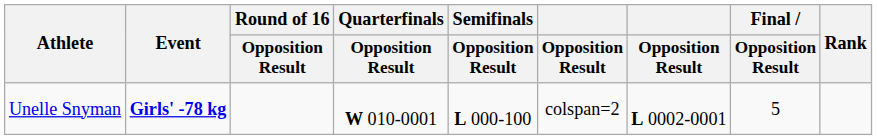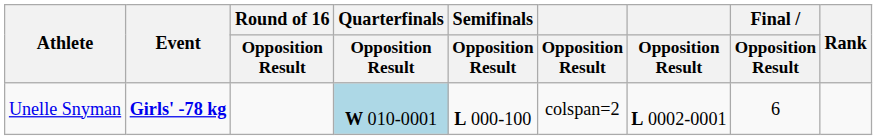 <table class="wikitable" style="font-size:90%">
 <tr>
 <th rowspan="2">Athlete</th>
 <th rowspan="2">Event</th>
 <th>Round of 16</th>
 <th>Quarterfinals</th>
 <th>Semifinals</th>
 <th></th>
 <th></th>
 <th>Final / </th>
 <th rowspan=2>Rank</th>
 </tr>
 <tr style="font-size:95%">
 <th>Opposition<br>Result</th>
 <th>Opposition<br>Result</th>
 <th>Opposition<br>Result</th>
 <th>Opposition<br>Result</th>
 <th>Opposition<br>Result</th>
 <th>Opposition<br>Result</th>
 </tr>
 <tr align=center>
 <td align=left><a href='#'>Unelle Snyman</a></td>
 <td align=left><strong><a href='#'>Girls' -78 kg</a></strong></td>
 <td></td>
-<td><br><strong>W</strong> 010-0001</td>
+<td style="background: lightblue;"><br><strong>W</strong> 010-0001</td>
 <td><br><strong>L</strong> 000-100</td>
 <td>colspan=2 </td>
 <td><br><strong>L</strong> 0002-0001</td>
-<td>5</td>
+<td>6</td>
 </tr>
 </table>
